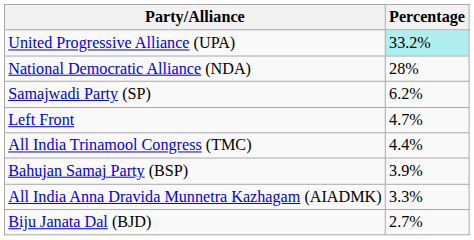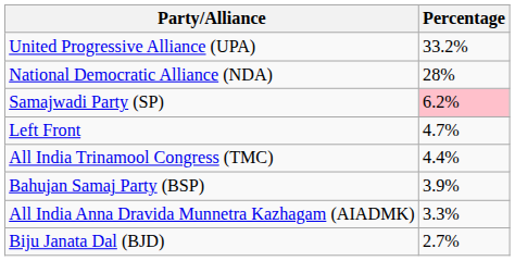 <table class="wikitable">
 <tr>
 <th>Party/Alliance</th>
 <th>Percentage </th>
 </tr>
 <tr>
 <td><a href='#'>United Progressive Alliance</a> (UPA)</td>
-<td style="background: paleturquoise;">33.2%</td>
+<td>33.2%</td>
 </tr>
 <tr>
 <td><a href='#'>National Democratic Alliance</a> (NDA)</td>
 <td>28%</td>
 </tr>
 <tr>
 <td><a href='#'>Samajwadi Party</a> (SP)</td>
-<td>6.2%</td>
+<td style="background: pink;">6.2%</td>
 </tr>
 <tr>
 <td><a href='#'>Left Front</a></td>
 <td>4.7%</td>
 </tr>
 <tr>
 <td><a href='#'>All India Trinamool Congress</a> (TMC)</td>
 <td>4.4%</td>
 </tr>
 <tr>
 <td><a href='#'>Bahujan Samaj Party</a> (BSP)</td>
 <td>3.9%</td>
 </tr>
 <tr>
 <td><a href='#'>All India Anna Dravida Munnetra Kazhagam</a> (AIADMK)</td>
 <td>3.3%</td>
 </tr>
 <tr>
 <td><a href='#'>Biju Janata Dal</a> (BJD)</td>
 <td>2.7%</td>
 </tr>
 </table>
